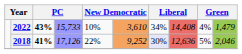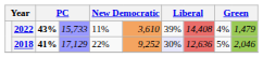 <table class="wikitable" style="float:right; width:400; font-size:90%; margin-left:1em;">
 <tr>
 <th colspan="2" scope="col">Year</th>
 <th colspan="2" scope="col"><a href='#'>PC</a></th>
 <th colspan="2" scope="col"><a href='#'>New Democratic</a></th>
 <th colspan="2" scope="col"><a href='#'>Liberal</a></th>
 <th colspan="2" scope="col"><a href='#'>Green</a></th>
 </tr>
 <tr>
 <td rowspan="2" style="width: 0.25em; background-color: "></td>
 <th><a href='#'>2022</a></th>
 <td><strong>43%</strong></td>
 <td style="text-align:right; background:#9999FF;"><em>15,733</em></td>
-<td>10%</td>
+<td>11%</td>
 <td style="text-align:right; background:#F4A460;"><em>3,610</em></td>
-<td>34%</td>
+<td>39%</td>
 <td style="text-align:right; background:#EA6D6A;"><em>14,408</em></td>
 <td>4%</td>
 <td style="text-align:right; background:#99C955;"><em>1,479</em></td>
 </tr>
 <tr>
 <th><a href='#'>2018</a></th>
 <td><strong>41%</strong></td>
-<td style="text-align:right; background:#9999FF;"><em>17,126</em></td>
+<td style="text-align:right; background:#9999FF;"><em>17,129</em></td>
 <td>22%</td>
 <td style="text-align:right; background:#F4A460;"><em>9,252</em></td>
 <td style="background: lavender;">30%</td>
 <td style="text-align:right; background:#EA6D6A;"><em>12,636</em></td>
 <td>5%</td>
 <td style="text-align:right; background:#99C955;"><em>2,046</em></td>
 </tr>
 <tr>
 </tr>
 </table>
